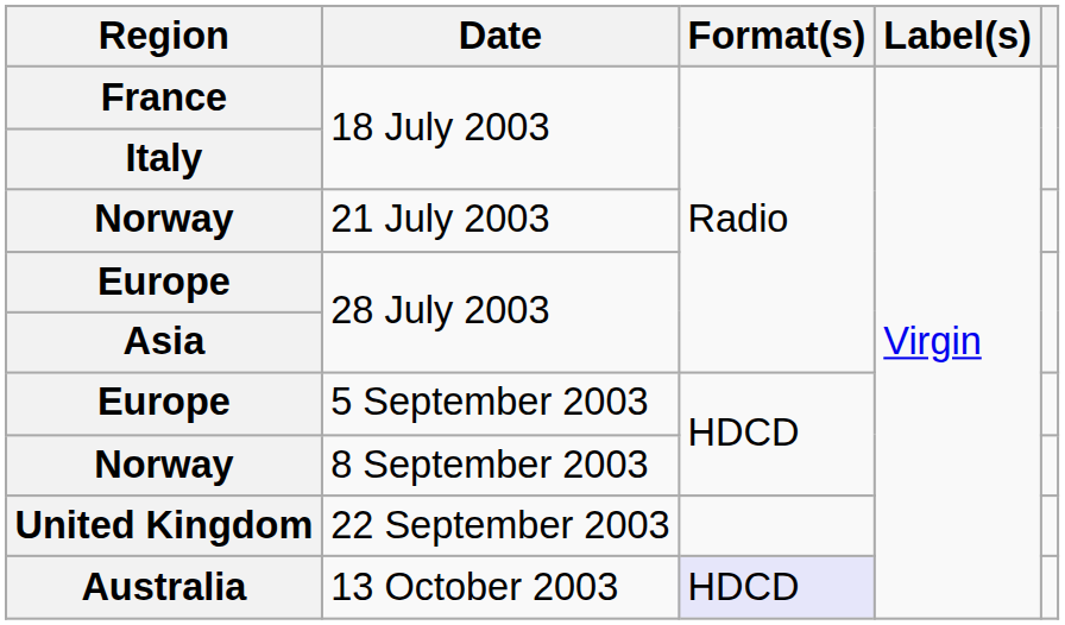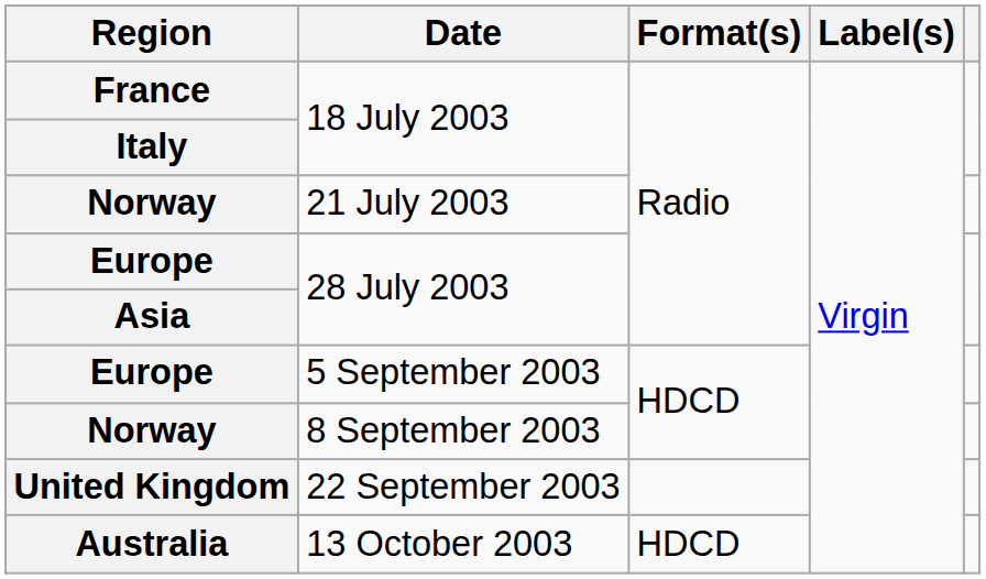 <table class="wikitable plainrowheaders">
 <tr>
 <th scope="col">Region</th>
 <th scope="col">Date</th>
 <th scope="col">Format(s)</th>
 <th scope="col">Label(s)</th>
 <th scope="col"></th>
 </tr>
 <tr>
 <th scope="row">France</th>
 <td rowspan="2">18 July 2003</td>
 <td rowspan="5">Radio</td>
 <td rowspan="9"><a href='#'>Virgin</a></td>
 <td rowspan="2" align="center"></td>
 </tr>
 <tr>
 <th scope="row">Italy</th>
 </tr>
 <tr>
 <th scope="row">Norway</th>
 <td>21 July 2003</td>
 <td align="center"></td>
 </tr>
 <tr>
 <th scope="row">Europe</th>
 <td rowspan="2">28 July 2003</td>
 <td rowspan="2" align="center"></td>
 </tr>
 <tr>
 <th scope="row">Asia</th>
 </tr>
 <tr>
 <th scope="row">Europe</th>
 <td>5 September 2003</td>
 <td rowspan="2">HDCD</td>
 <td align="center"></td>
 </tr>
 <tr>
 <th scope="row">Norway</th>
 <td>8 September 2003</td>
 <td align="center"></td>
 </tr>
 <tr>
 <th scope="row">United Kingdom</th>
 <td>22 September 2003</td>
 <td></td>
 <td align="center"></td>
 </tr>
 <tr>
 <th scope="row">Australia</th>
 <td>13 October 2003</td>
-<td style="background: lavender;">HDCD</td>
+<td>HDCD</td>
 <td align="center"></td>
 </tr>
 </table>
